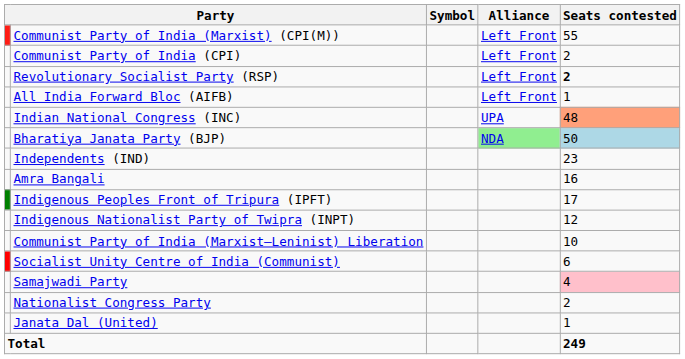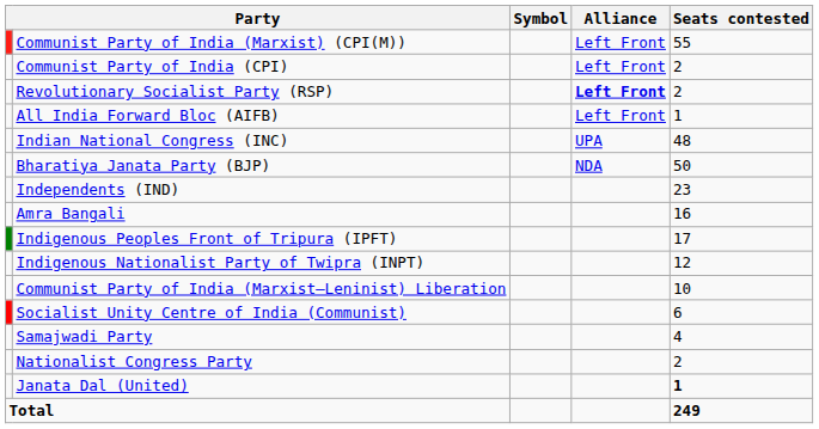 <table class="wikitable">
 <tr>
 <th colspan="2">Party</th>
 <th>Symbol</th>
 <th>Alliance</th>
 <th>Seats contested</th>
 </tr>
 <tr>
 <td bgcolor=#FF1D15></td>
 <td><a href='#'>Communist Party of India (Marxist)</a> (CPI(M))</td>
 <td></td>
 <td><a href='#'>Left Front</a></td>
 <td>55</td>
 </tr>
 <tr>
 <td></td>
 <td><a href='#'>Communist Party of India</a> (CPI)</td>
 <td></td>
 <td><a href='#'>Left Front</a></td>
 <td>2</td>
 </tr>
 <tr>
 <td></td>
 <td><a href='#'>Revolutionary Socialist Party</a> (RSP)</td>
 <td></td>
-<td><a href='#'>Left Front</a></td>
-<td><strong>2</strong></td>
+<td><strong><a href='#'>Left Front</a></strong></td>
+<td>2</td>
 </tr>
 <tr>
 <td></td>
 <td><a href='#'>All India Forward Bloc</a> (AIFB)</td>
 <td></td>
 <td><a href='#'>Left Front</a></td>
 <td>1</td>
 </tr>
 <tr>
 <td></td>
 <td><a href='#'>Indian National Congress</a> (INC)</td>
 <td></td>
 <td><a href='#'>UPA</a></td>
-<td style="background: lightsalmon;">48</td>
+<td>48</td>
 </tr>
 <tr>
 <td></td>
 <td><a href='#'>Bharatiya Janata Party</a> (BJP)</td>
 <td></td>
-<td style="background: lightgreen;"><a href='#'>NDA</a></td>
-<td style="background: lightblue;">50</td>
+<td><a href='#'>NDA</a></td>
+<td>50</td>
 </tr>
 <tr>
 <td></td>
 <td><a href='#'>Independents</a> (IND)</td>
 <td></td>
 <td></td>
 <td>23</td>
 </tr>
 <tr>
 <td></td>
 <td><a href='#'>Amra Bangali</a></td>
 <td></td>
 <td></td>
 <td>16</td>
 </tr>
 <tr>
 <td bgcolor=#008000></td>
 <td><a href='#'>Indigenous Peoples Front of Tripura</a> (IPFT)</td>
 <td></td>
 <td></td>
 <td>17</td>
 </tr>
 <tr>
 <td></td>
 <td><a href='#'>Indigenous Nationalist Party of Twipra</a> (INPT)</td>
 <td></td>
 <td></td>
 <td>12</td>
 </tr>
 <tr>
 <td></td>
 <td><a href='#'>Communist Party of India (Marxist–Leninist) Liberation</a></td>
 <td></td>
 <td></td>
 <td>10</td>
 </tr>
 <tr>
 <td bgcolor="red"></td>
 <td><a href='#'>Socialist Unity Centre of India (Communist)</a></td>
 <td></td>
 <td></td>
 <td>6</td>
 </tr>
 <tr>
 <td></td>
 <td><a href='#'>Samajwadi Party</a></td>
 <td></td>
 <td></td>
-<td style="background: pink;">4</td>
+<td>4</td>
 </tr>
 <tr>
 <td></td>
 <td><a href='#'>Nationalist Congress Party</a></td>
 <td></td>
 <td></td>
 <td>2</td>
 </tr>
 <tr>
 <td></td>
 <td><a href='#'>Janata Dal (United)</a></td>
 <td></td>
 <td></td>
-<td>1</td>
+<td><strong>1</strong></td>
 </tr>
 <tr>
 <td colspan="2"><strong>Total</strong></td>
 <td></td>
 <td></td>
 <td><strong>249</strong></td>
 </tr>
 </table>
